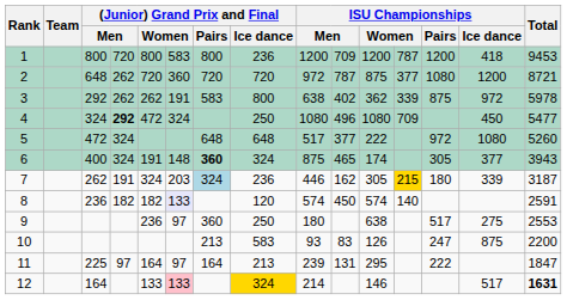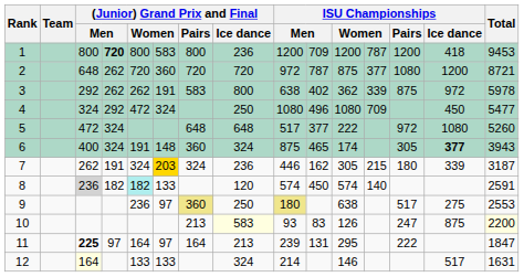 <table class="wikitable sortable" style="text-align: center;">
 <tr>
 <th rowspan="2">Rank</th>
 <th rowspan="2">Team</th>
 <th colspan="6">(<a href='#'>Junior</a>) <a href='#'>Grand Prix</a> and <a href='#'>Final</a></th>
 <th colspan="6"><a href='#'>ISU Championships</a></th>
 <th rowspan="2">Total</th>
 </tr>
 <tr>
 <th colspan="2">Men</th>
 <th colspan="2">Women</th>
 <th>Pairs</th>
 <th>Ice dance</th>
 <th colspan="2">Men</th>
 <th colspan="2">Women</th>
 <th>Pairs</th>
 <th>Ice dance</th>
 </tr>
 <tr style="background: #ADD8C7;">
 <td>1</td>
 <td align="left"></td>
 <td>800</td>
-<td>720</td>
+<td><strong>720</strong></td>
 <td>800</td>
 <td>583</td>
 <td>800</td>
 <td>236</td>
 <td>1200</td>
 <td>709</td>
 <td>1200</td>
 <td>787</td>
 <td>1200</td>
 <td>418</td>
 <td>9453</td>
 </tr>
 <tr style="background: #ADD8C7;">
 <td>2</td>
 <td align="left"></td>
 <td>648</td>
 <td>262</td>
 <td>720</td>
 <td>360</td>
 <td>720</td>
 <td>720</td>
 <td>972</td>
 <td>787</td>
 <td>875</td>
 <td>377</td>
 <td>1080</td>
 <td>1200</td>
 <td>8721</td>
 </tr>
 <tr style="background: #ADD8C7;">
 <td>3</td>
 <td align="left"></td>
 <td>292</td>
 <td>262</td>
 <td>262</td>
 <td>191</td>
 <td>583</td>
 <td>800</td>
 <td>638</td>
 <td>402</td>
 <td>362</td>
 <td>339</td>
 <td>875</td>
 <td>972</td>
 <td>5978</td>
 </tr>
 <tr style="background: #ADD8C7;">
 <td>4</td>
 <td align="left"></td>
 <td>324</td>
-<td><strong>292</strong></td>
+<td>292</td>
 <td>472</td>
 <td>324</td>
 <td></td>
 <td>250</td>
 <td>1080</td>
 <td>496</td>
 <td>1080</td>
 <td>709</td>
 <td></td>
 <td>450</td>
 <td>5477</td>
 </tr>
 <tr style="background: #ADD8C7;">
 <td>5</td>
 <td align="left"></td>
 <td>472</td>
 <td>324</td>
 <td></td>
 <td></td>
 <td>648</td>
 <td>648</td>
 <td>517</td>
 <td>377</td>
 <td>222</td>
 <td></td>
 <td>972</td>
 <td>1080</td>
 <td>5260</td>
 </tr>
 <tr style="background: #ADD8C7;">
 <td>6</td>
 <td align="left"></td>
 <td>400</td>
 <td>324</td>
 <td>191</td>
 <td>148</td>
-<td><strong>360</strong></td>
+<td>360</td>
 <td>324</td>
 <td>875</td>
 <td>465</td>
 <td>174</td>
 <td></td>
 <td>305</td>
-<td>377</td>
+<td><strong>377</strong></td>
 <td>3943</td>
 </tr>
 <tr>
 <td>7</td>
 <td align="left"></td>
 <td>262</td>
 <td>191</td>
 <td>324</td>
-<td>203</td>
-<td style="background: lightblue;">324</td>
+<td style="background: gold;">203</td>
+<td>324</td>
 <td>236</td>
 <td>446</td>
 <td>162</td>
 <td>305</td>
-<td style="background: gold;">215</td>
+<td>215</td>
 <td>180</td>
 <td>339</td>
 <td>3187</td>
 </tr>
 <tr>
 <td>8</td>
 <td align="left"></td>
-<td>236</td>
+<td style="background: lightgrey;">236</td>
 <td>182</td>
-<td>182</td>
-<td style="background: lavender;">133</td>
+<td style="background: paleturquoise;">182</td>
+<td>133</td>
 <td></td>
 <td>120</td>
 <td>574</td>
 <td>450</td>
 <td>574</td>
 <td>140</td>
 <td></td>
 <td></td>
 <td>2591</td>
 </tr>
 <tr>
 <td>9</td>
 <td align=left></td>
 <td></td>
 <td></td>
 <td>236</td>
 <td>97</td>
-<td>360</td>
+<td style="background: khaki;">360</td>
 <td>250</td>
-<td>180</td>
+<td style="background: khaki;">180</td>
 <td></td>
 <td>638</td>
 <td></td>
 <td>517</td>
 <td>275</td>
 <td>2553</td>
 </tr>
 <tr>
 <td>10</td>
 <td align="left"></td>
 <td></td>
 <td></td>
 <td></td>
 <td></td>
 <td>213</td>
-<td>583</td>
+<td style="background: lightyellow;">583</td>
 <td>93</td>
 <td>83</td>
 <td>126</td>
 <td></td>
 <td>247</td>
 <td>875</td>
-<td>2200</td>
+<td style="background: lightyellow;">2200</td>
 </tr>
 <tr>
 <td>11</td>
 <td align="left"></td>
-<td>225</td>
+<td><strong>225</strong></td>
 <td>97</td>
 <td>164</td>
 <td>97</td>
 <td>164</td>
 <td>213</td>
 <td>239</td>
 <td>131</td>
 <td>295</td>
 <td></td>
 <td>222</td>
 <td></td>
 <td>1847</td>
 </tr>
 <tr>
 <td>12</td>
 <td align="left"></td>
-<td>164</td>
+<td style="background: lightyellow;">164</td>
 <td></td>
 <td>133</td>
-<td style="background: pink;">133</td>
+<td>133</td>
 <td></td>
-<td style="background: gold;">324</td>
+<td>324</td>
 <td>214</td>
 <td></td>
 <td>146</td>
 <td></td>
 <td></td>
 <td>517</td>
-<td><strong>1631</strong></td>
+<td>1631</td>
 </tr>
 </table>
